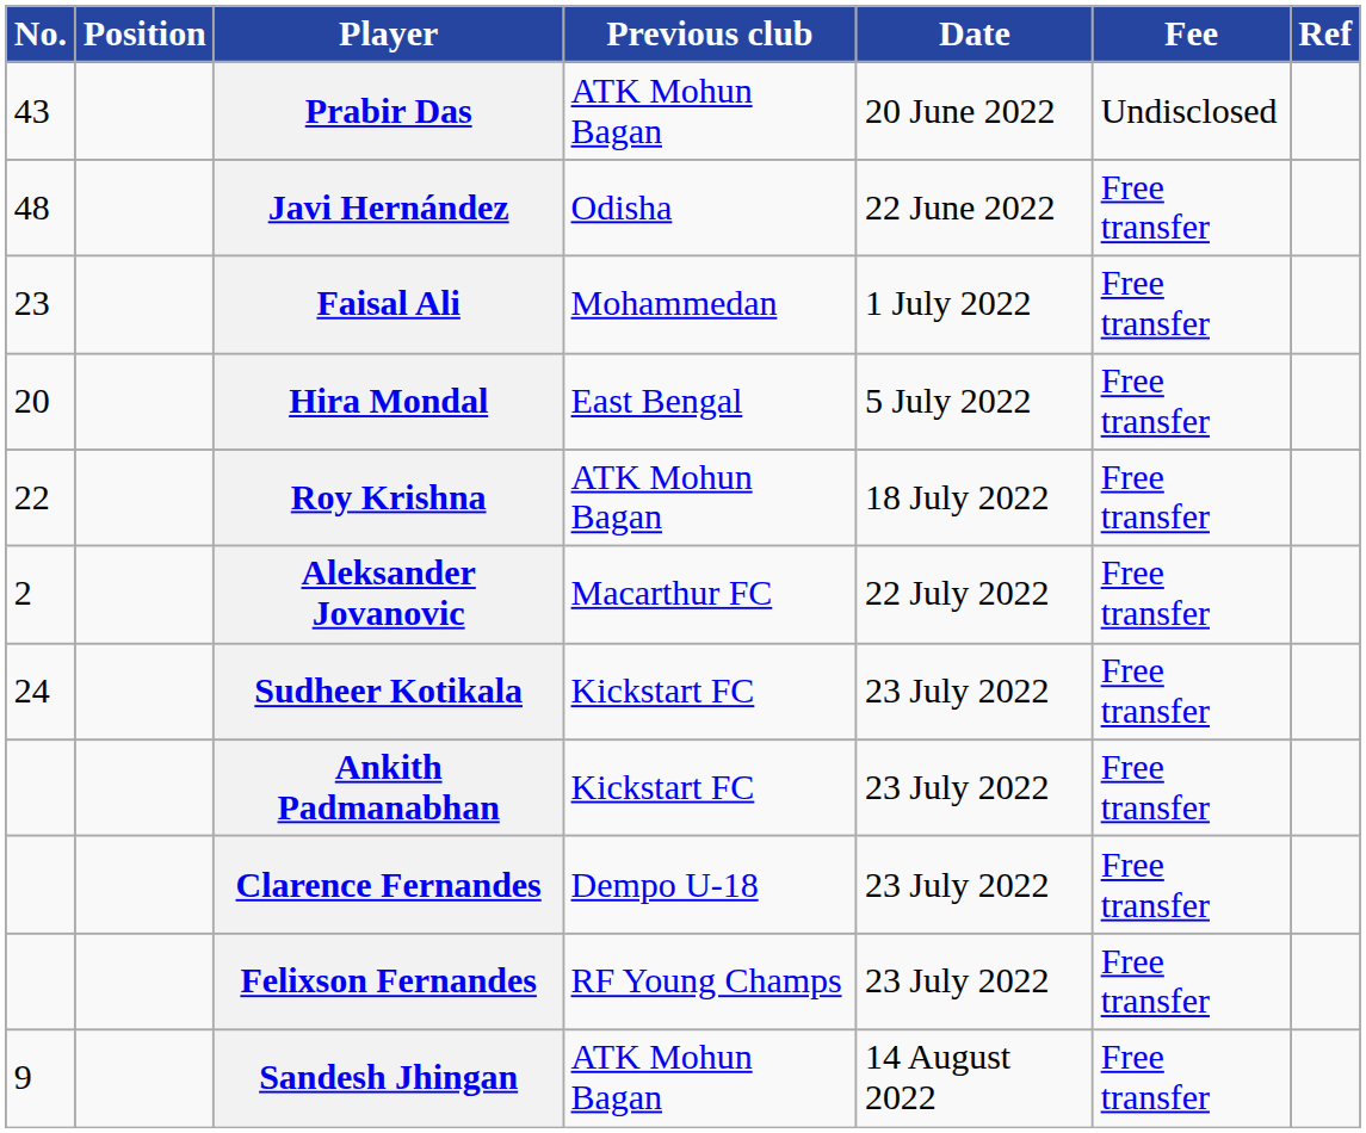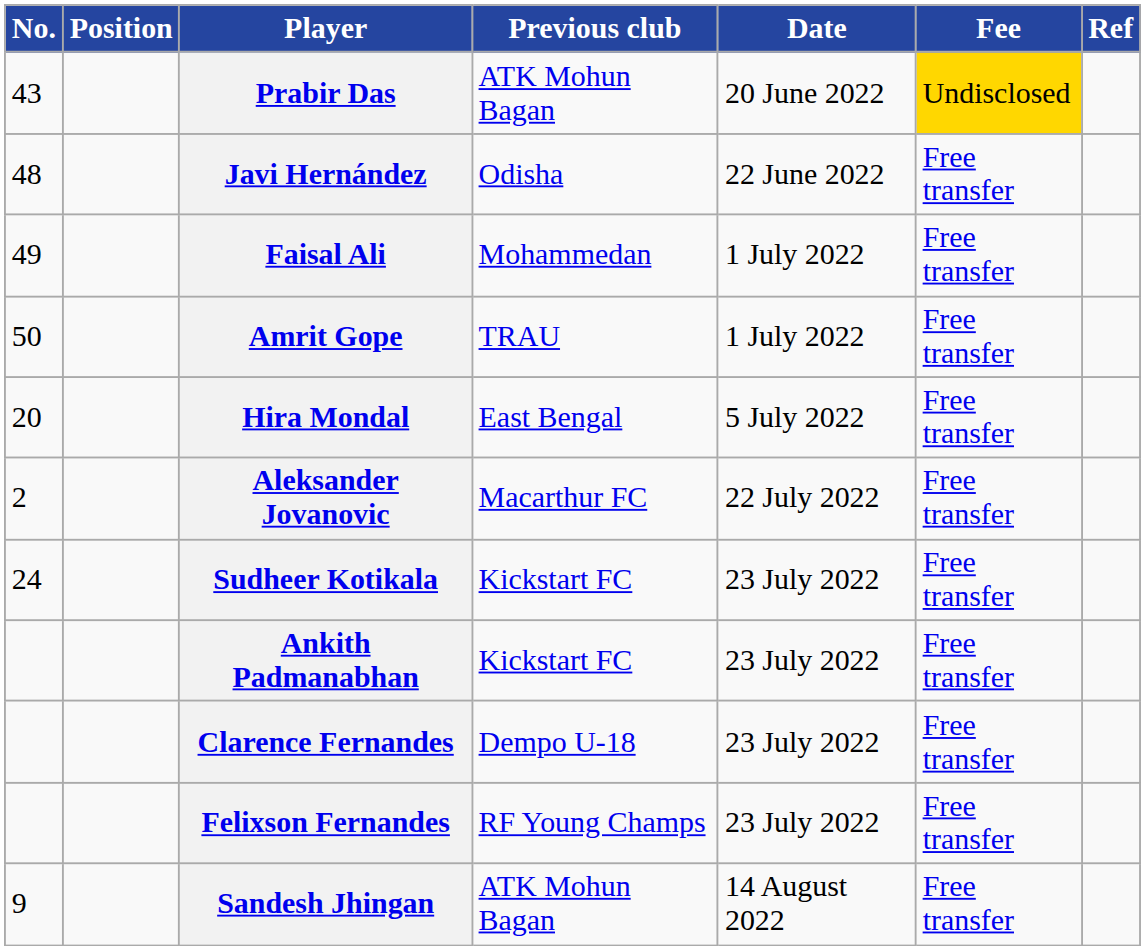 <table class="wikitable plainrowheaders" style="text-align:center; text-align:left">
 <tr>
 <th style="background:#2545A0; color:#FFFFFF; ">No.</th>
 <th scope="col" style="background:#2545A0; color:#FFFFFF; ">Position</th>
 <th scope="col" style="background:#2545A0; color:#FFFFFF; ">Player</th>
 <th scope="col" style="background:#2545A0; color:#FFFFFF; ">Previous club</th>
 <th scope="col" style="background:#2545A0; color:#FFFFFF; ">Date</th>
 <th scope="col" style="background:#2545A0; color:#FFFFFF; ">Fee</th>
 <th scope="col" style="background:#2545A0; color:#FFFFFF; ">Ref</th>
 </tr>
 <tr>
 <td>43</td>
 <td></td>
 <th scope="row"> <a href='#'>Prabir Das</a></th>
 <td><a href='#'>ATK Mohun Bagan</a></td>
 <td>20 June 2022</td>
-<td>Undisclosed</td>
+<td style="background: gold;">Undisclosed</td>
 <td></td>
 </tr>
 <tr>
 <td>48</td>
 <td></td>
 <th scope="row"> <a href='#'>Javi Hernández</a></th>
 <td><a href='#'>Odisha</a></td>
 <td>22 June 2022</td>
 <td><a href='#'>Free transfer</a></td>
 <td></td>
 </tr>
 <tr>
-<td>23</td>
+<td>49</td>
 <td></td>
 <th scope="row"> <a href='#'>Faisal Ali</a></th>
 <td><a href='#'>Mohammedan</a></td>
+<td>1 July 2022</td>
+<td><a href='#'>Free transfer</a></td>
+<td></td>
+</tr>
+<tr>
+<td>50</td>
+<td></td>
+<th scope="row"> <a href='#'>Amrit Gope</a></th>
+<td><a href='#'>TRAU</a></td>
 <td>1 July 2022</td>
 <td><a href='#'>Free transfer</a></td>
 <td></td>
 </tr>
 <tr>
 <td>20</td>
 <td></td>
 <th scope="row"> <a href='#'>Hira Mondal</a></th>
 <td><a href='#'>East Bengal</a></td>
 <td>5 July 2022</td>
-<td><a href='#'>Free transfer</a></td>
-<td></td>
-</tr>
-<tr>
-<td>22</td>
-<td></td>
-<th scope="row"> <a href='#'>Roy Krishna</a></th>
-<td><a href='#'>ATK Mohun Bagan</a></td>
-<td>18 July 2022</td>
 <td><a href='#'>Free transfer</a></td>
 <td></td>
 </tr>
 <tr>
 <td>2</td>
 <td></td>
 <th scope="row">  <a href='#'>Aleksander Jovanovic</a></th>
 <td> <a href='#'>Macarthur FC</a></td>
 <td>22 July 2022</td>
 <td><a href='#'>Free transfer</a></td>
 <td></td>
 </tr>
 <tr>
 <td>24</td>
 <td></td>
 <th scope="row"> <a href='#'>Sudheer Kotikala</a></th>
 <td><a href='#'>Kickstart FC</a></td>
 <td>23 July 2022</td>
 <td><a href='#'>Free transfer</a></td>
 <td></td>
 </tr>
 <tr>
 <td></td>
 <td></td>
 <th scope="row"> <a href='#'>Ankith Padmanabhan</a></th>
 <td><a href='#'>Kickstart FC</a></td>
 <td>23 July 2022</td>
 <td><a href='#'>Free transfer</a></td>
 <td></td>
 </tr>
 <tr>
 <td></td>
 <td></td>
 <th scope="row"> <a href='#'>Clarence Fernandes</a></th>
 <td><a href='#'>Dempo U-18</a></td>
 <td>23 July 2022</td>
 <td><a href='#'>Free transfer</a></td>
 <td></td>
 </tr>
 <tr>
 <td></td>
 <td></td>
 <th scope="row"> <a href='#'>Felixson Fernandes</a></th>
 <td><a href='#'>RF Young Champs</a></td>
 <td>23 July 2022</td>
 <td><a href='#'>Free transfer</a></td>
 <td></td>
 </tr>
 <tr>
 <td>9</td>
 <td></td>
 <th scope="row"> <a href='#'>Sandesh Jhingan</a></th>
 <td><a href='#'>ATK Mohun Bagan</a></td>
 <td>14 August 2022</td>
 <td><a href='#'>Free transfer</a></td>
 <td></td>
 </tr>
 </table>
